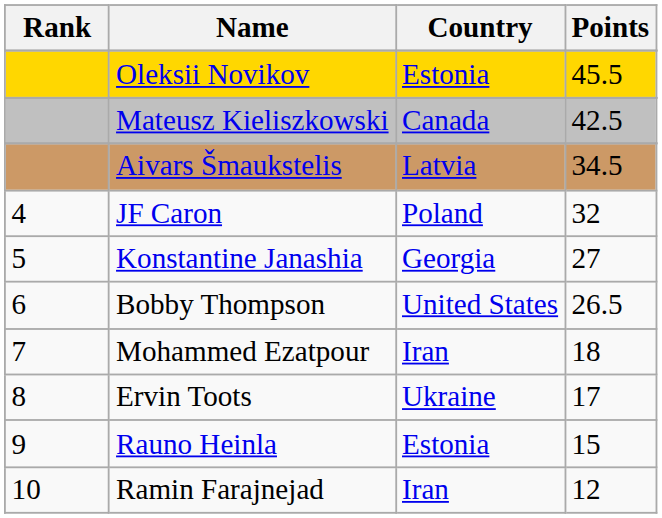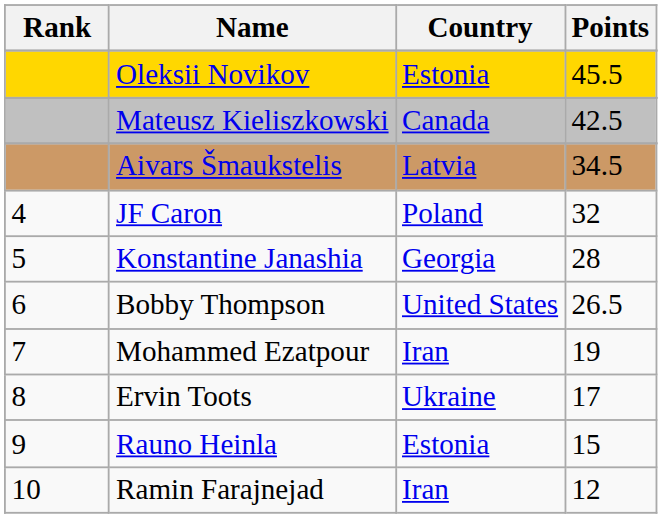 <table class="wikitable" style="display: inline-table;">
 <tr>
 <th style="width: 50px;">Rank</th>
 <th>Name</th>
 <th>Country</th>
 <th>Points</th>
 </tr>
 <tr 30>
 </tr>
 <tr style="background:gold;">
 <td></td>
 <td><a href='#'>Oleksii Novikov</a></td>
 <td> <a href='#'>Estonia</a></td>
 <td>45.5</td>
 </tr>
 <tr>
 </tr>
 <tr style="background:silver;">
 <td></td>
 <td><a href='#'>Mateusz Kieliszkowski</a></td>
 <td> <a href='#'>Canada</a></td>
 <td>42.5</td>
 </tr>
 <tr>
 </tr>
 <tr style="background:#c96;">
 <td></td>
 <td><a href='#'>Aivars Šmaukstelis</a></td>
 <td> <a href='#'>Latvia</a></td>
 <td>34.5</td>
 </tr>
 <tr>
 <td>4</td>
 <td><a href='#'>JF Caron</a></td>
 <td> <a href='#'>Poland</a></td>
 <td>32</td>
 </tr>
 <tr>
 <td>5</td>
 <td><a href='#'>Konstantine Janashia</a></td>
 <td> <a href='#'>Georgia</a></td>
-<td>27</td>
+<td>28</td>
 </tr>
 <tr>
 <td>6</td>
 <td>Bobby Thompson</td>
 <td> <a href='#'>United States</a></td>
 <td>26.5</td>
 </tr>
 <tr>
 <td>7</td>
 <td>Mohammed Ezatpour</td>
 <td> <a href='#'>Iran</a></td>
-<td>18</td>
+<td>19</td>
 </tr>
 <tr>
 <td>8</td>
 <td>Ervin Toots</td>
 <td> <a href='#'>Ukraine</a></td>
 <td>17</td>
 </tr>
 <tr>
 <td>9</td>
 <td><a href='#'>Rauno Heinla</a></td>
 <td> <a href='#'>Estonia</a></td>
 <td>15</td>
 </tr>
 <tr>
 <td>10</td>
 <td>Ramin Farajnejad</td>
 <td> <a href='#'>Iran</a></td>
 <td>12</td>
 </tr>
 </table>
